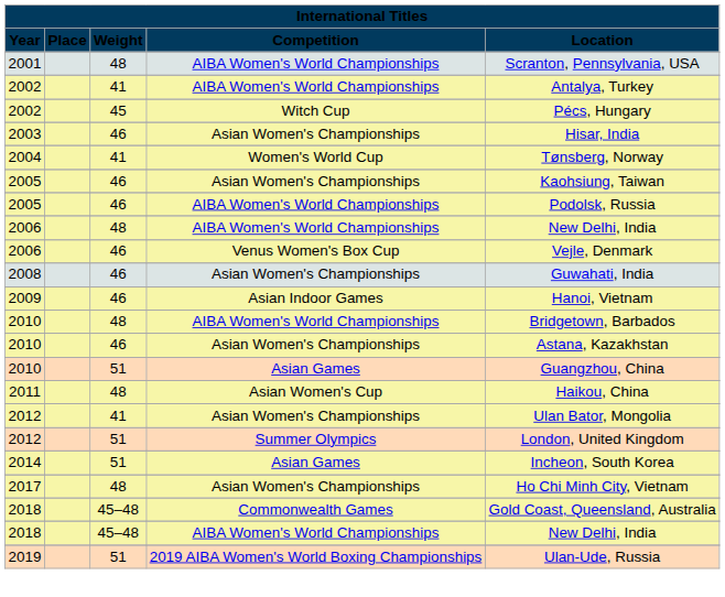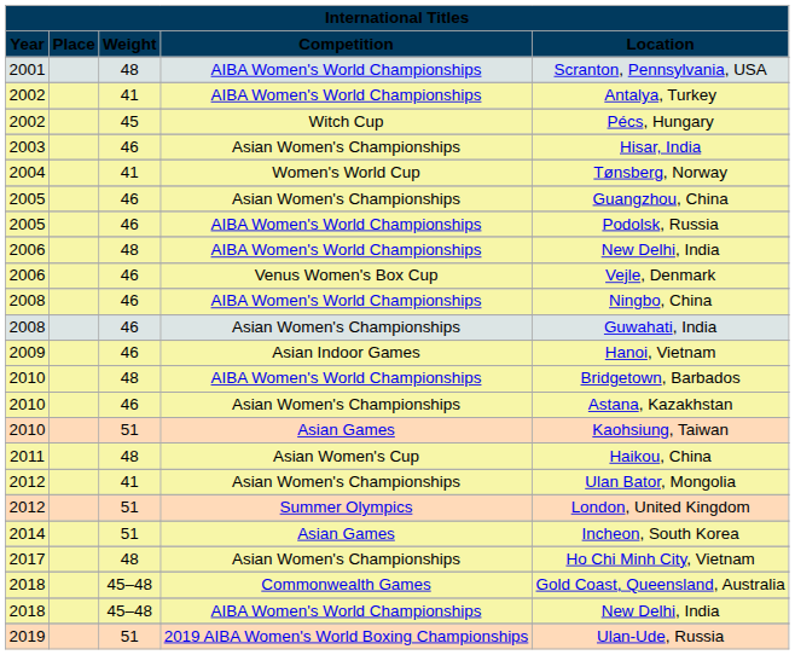 <table class="wikitable collapsible" style="text-align: center;">
 <tr>
 <th colspan=5 style="background: #013A5E; colour: #FFFFFF;">International Titles</th>
 </tr>
 <tr>
 <th style="background: #013A5E; colour: #FFFFFF;">Year</th>
 <th style="background: #013A5E; colour: #FFFFFF;">Place</th>
 <th style="background: #013A5E; colour: #FFFFFF;">Weight</th>
 <th style="background: #013A5E; colour: #FFFFFF;">Competition</th>
 <th style="background: #013A5E; colour: #FFFFFF;">Location</th>
 </tr>
 <tr>
 </tr>
 <tr bgcolor=DCE5E5>
 <td>2001</td>
 <td></td>
 <td>48</td>
 <td><a href='#'>AIBA Women's World Championships</a></td>
 <td><a href='#'>Scranton</a>, <a href='#'>Pennsylvania</a>, USA</td>
 </tr>
 <tr>
 </tr>
 <tr bgcolor=F7F6A8>
 <td>2002</td>
 <td></td>
 <td>41</td>
 <td><a href='#'>AIBA Women's World Championships</a></td>
 <td><a href='#'>Antalya</a>, Turkey</td>
 </tr>
 <tr>
 </tr>
 <tr bgcolor=F7F6A8>
 <td>2002</td>
 <td></td>
 <td>45</td>
 <td>Witch Cup</td>
 <td><a href='#'>Pécs</a>, Hungary</td>
 </tr>
 <tr>
 </tr>
 <tr bgcolor=F7F6A8>
 <td>2003</td>
 <td></td>
 <td>46</td>
 <td>Asian Women's Championships</td>
 <td><a href='#'>Hisar, India</a></td>
 </tr>
 <tr>
 </tr>
 <tr bgcolor=F7F6A8>
 <td>2004</td>
 <td></td>
 <td>41</td>
 <td>Women's World Cup</td>
 <td><a href='#'>Tønsberg</a>, Norway</td>
 </tr>
 <tr>
 </tr>
 <tr bgcolor=F7F6A8>
 <td>2005</td>
 <td></td>
 <td>46</td>
 <td>Asian Women's Championships</td>
-<td><a href='#'>Kaohsiung</a>, Taiwan</td>
+<td><a href='#'>Guangzhou</a>, China</td>
 </tr>
 <tr>
 </tr>
 <tr bgcolor=F7F6A8>
 <td>2005</td>
 <td></td>
 <td>46</td>
 <td><a href='#'>AIBA Women's World Championships</a></td>
 <td><a href='#'>Podolsk</a>, Russia</td>
 </tr>
 <tr>
 </tr>
 <tr bgcolor=F7F6A8>
 <td>2006</td>
 <td></td>
 <td>48</td>
 <td><a href='#'>AIBA Women's World Championships</a></td>
 <td><a href='#'>New Delhi</a>, India</td>
 </tr>
 <tr>
 </tr>
 <tr bgcolor=F7F6A8>
 <td>2006</td>
 <td></td>
 <td>46</td>
 <td>Venus Women's Box Cup</td>
 <td><a href='#'>Vejle</a>, Denmark</td>
 </tr>
 <tr>
+</tr>
+<tr bgcolor=F7F6A8>
+<td>2008</td>
+<td></td>
+<td>46</td>
+<td><a href='#'>AIBA Women's World Championships</a></td>
+<td><a href='#'>Ningbo</a>, China</td>
 </tr>
 <tr>
 </tr>
 <tr bgcolor=DCE5E5>
 <td>2008</td>
 <td></td>
 <td>46</td>
 <td>Asian Women's Championships</td>
 <td><a href='#'>Guwahati</a>, India</td>
 </tr>
 <tr>
 </tr>
 <tr bgcolor=F7F6A8>
 <td>2009</td>
 <td></td>
 <td>46</td>
 <td>Asian Indoor Games</td>
 <td><a href='#'>Hanoi</a>, Vietnam</td>
 </tr>
 <tr>
 </tr>
 <tr bgcolor=F7F6A8>
 <td>2010</td>
 <td></td>
 <td>48</td>
 <td><a href='#'>AIBA Women's World Championships</a></td>
 <td><a href='#'>Bridgetown</a>, Barbados</td>
 </tr>
 <tr>
 </tr>
 <tr bgcolor=F7F6A8>
 <td>2010</td>
 <td></td>
 <td>46</td>
 <td>Asian Women's Championships</td>
 <td><a href='#'>Astana</a>, Kazakhstan</td>
 </tr>
 <tr>
 </tr>
 <tr bgcolor=FFDAB9>
 <td>2010</td>
 <td></td>
 <td>51</td>
 <td><a href='#'>Asian Games</a></td>
-<td><a href='#'>Guangzhou</a>, China</td>
+<td><a href='#'>Kaohsiung</a>, Taiwan</td>
 </tr>
 <tr>
 </tr>
 <tr bgcolor=F7F6A8>
 <td>2011</td>
 <td></td>
 <td>48</td>
 <td>Asian Women's Cup</td>
 <td><a href='#'>Haikou</a>, China</td>
 </tr>
 <tr>
 </tr>
 <tr bgcolor=F7F6A8>
 <td>2012</td>
 <td></td>
 <td>41</td>
 <td>Asian Women's Championships</td>
 <td><a href='#'>Ulan Bator</a>, Mongolia</td>
 </tr>
 <tr>
 </tr>
 <tr bgcolor=FFDAB9>
 <td>2012</td>
 <td></td>
 <td>51</td>
 <td><a href='#'>Summer Olympics</a></td>
 <td><a href='#'>London</a>, United Kingdom</td>
 </tr>
 <tr>
 </tr>
 <tr bgcolor=F7F6A8>
 <td>2014</td>
 <td></td>
 <td>51</td>
 <td><a href='#'>Asian Games</a></td>
 <td><a href='#'>Incheon</a>, South Korea</td>
 </tr>
 <tr>
 </tr>
 <tr bgcolor=F7F6A8>
 <td>2017</td>
 <td></td>
 <td>48</td>
 <td>Asian Women's Championships</td>
 <td><a href='#'>Ho Chi Minh City</a>, Vietnam</td>
 </tr>
 <tr>
 </tr>
 <tr bgcolor=F7F6A8>
 <td>2018</td>
 <td></td>
 <td>45–48</td>
 <td><a href='#'>Commonwealth Games</a></td>
 <td><a href='#'>Gold Coast, Queensland</a>, Australia</td>
 </tr>
 <tr>
 </tr>
 <tr bgcolor=F7F6A8>
 <td>2018</td>
 <td></td>
 <td>45–48</td>
 <td><a href='#'>AIBA Women's World Championships</a></td>
 <td><a href='#'>New Delhi</a>, India</td>
 </tr>
 <tr>
 </tr>
 <tr bgcolor=FFDAB9>
 <td>2019</td>
 <td></td>
 <td>51</td>
 <td><a href='#'>2019 AIBA Women's World Boxing Championships</a></td>
 <td><a href='#'>Ulan-Ude</a>, Russia</td>
 </tr>
 </table>
